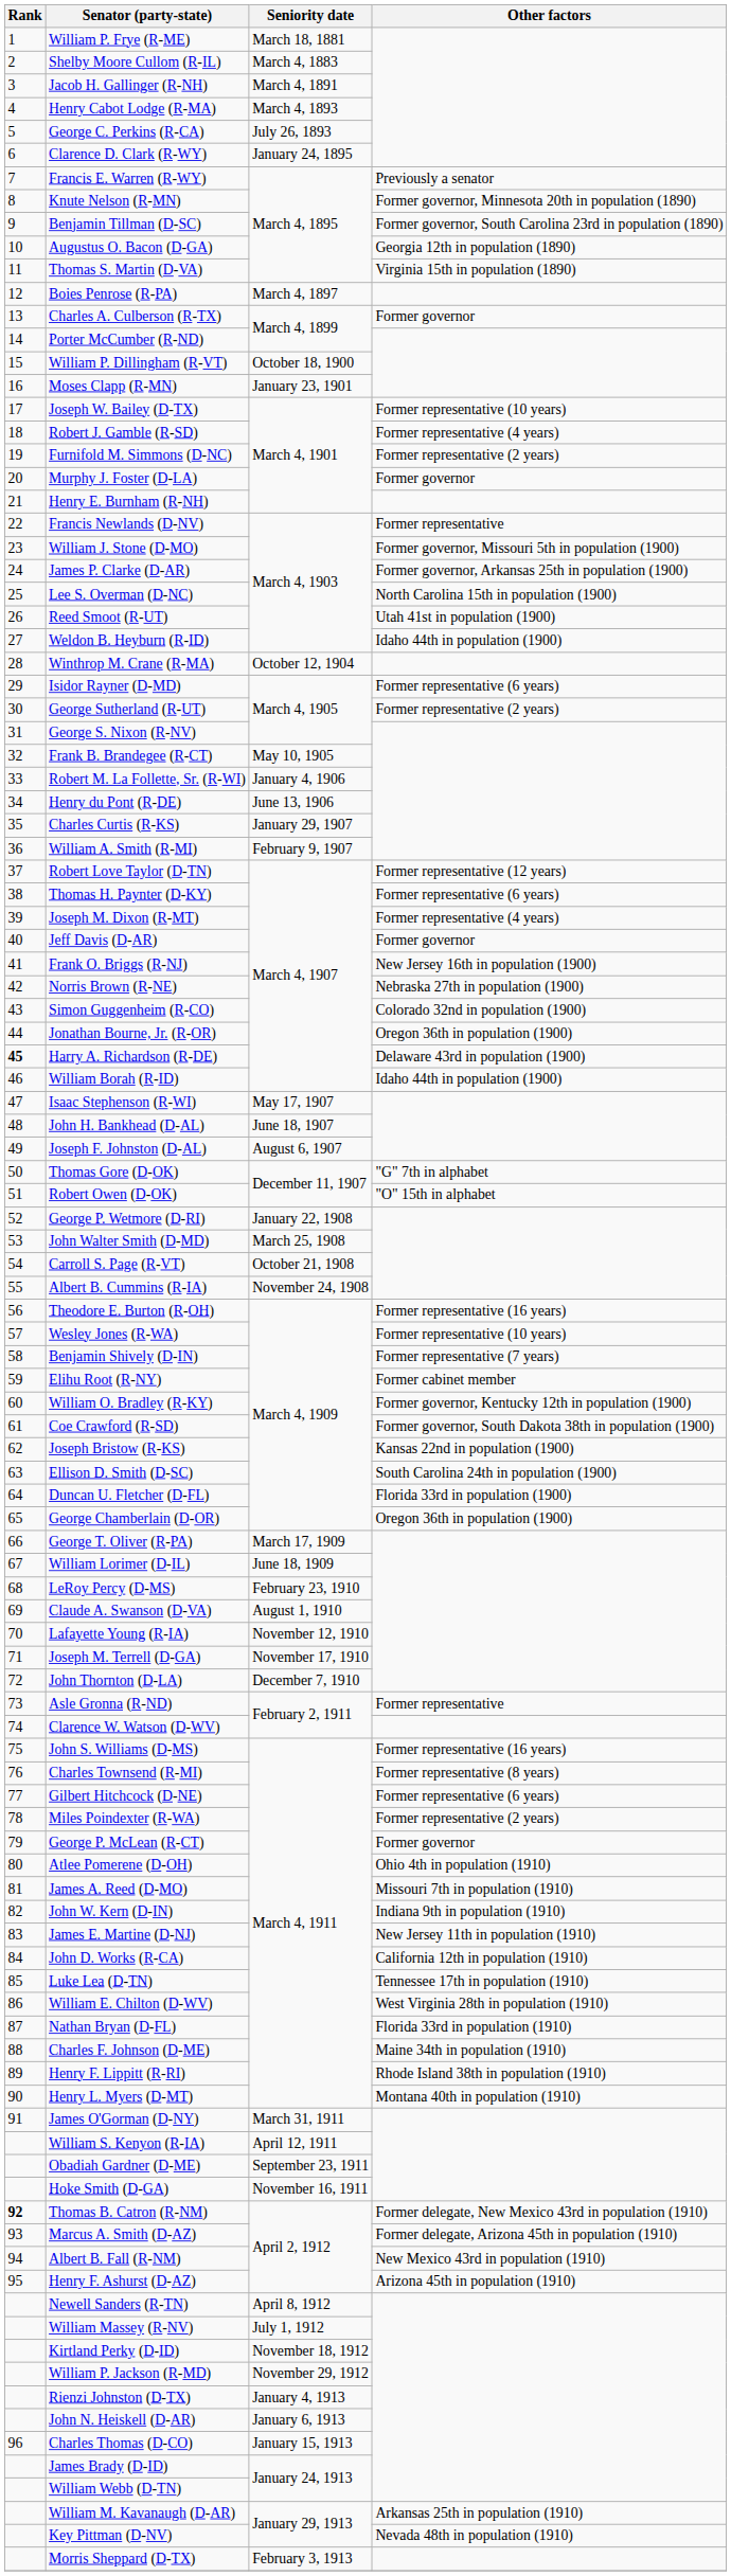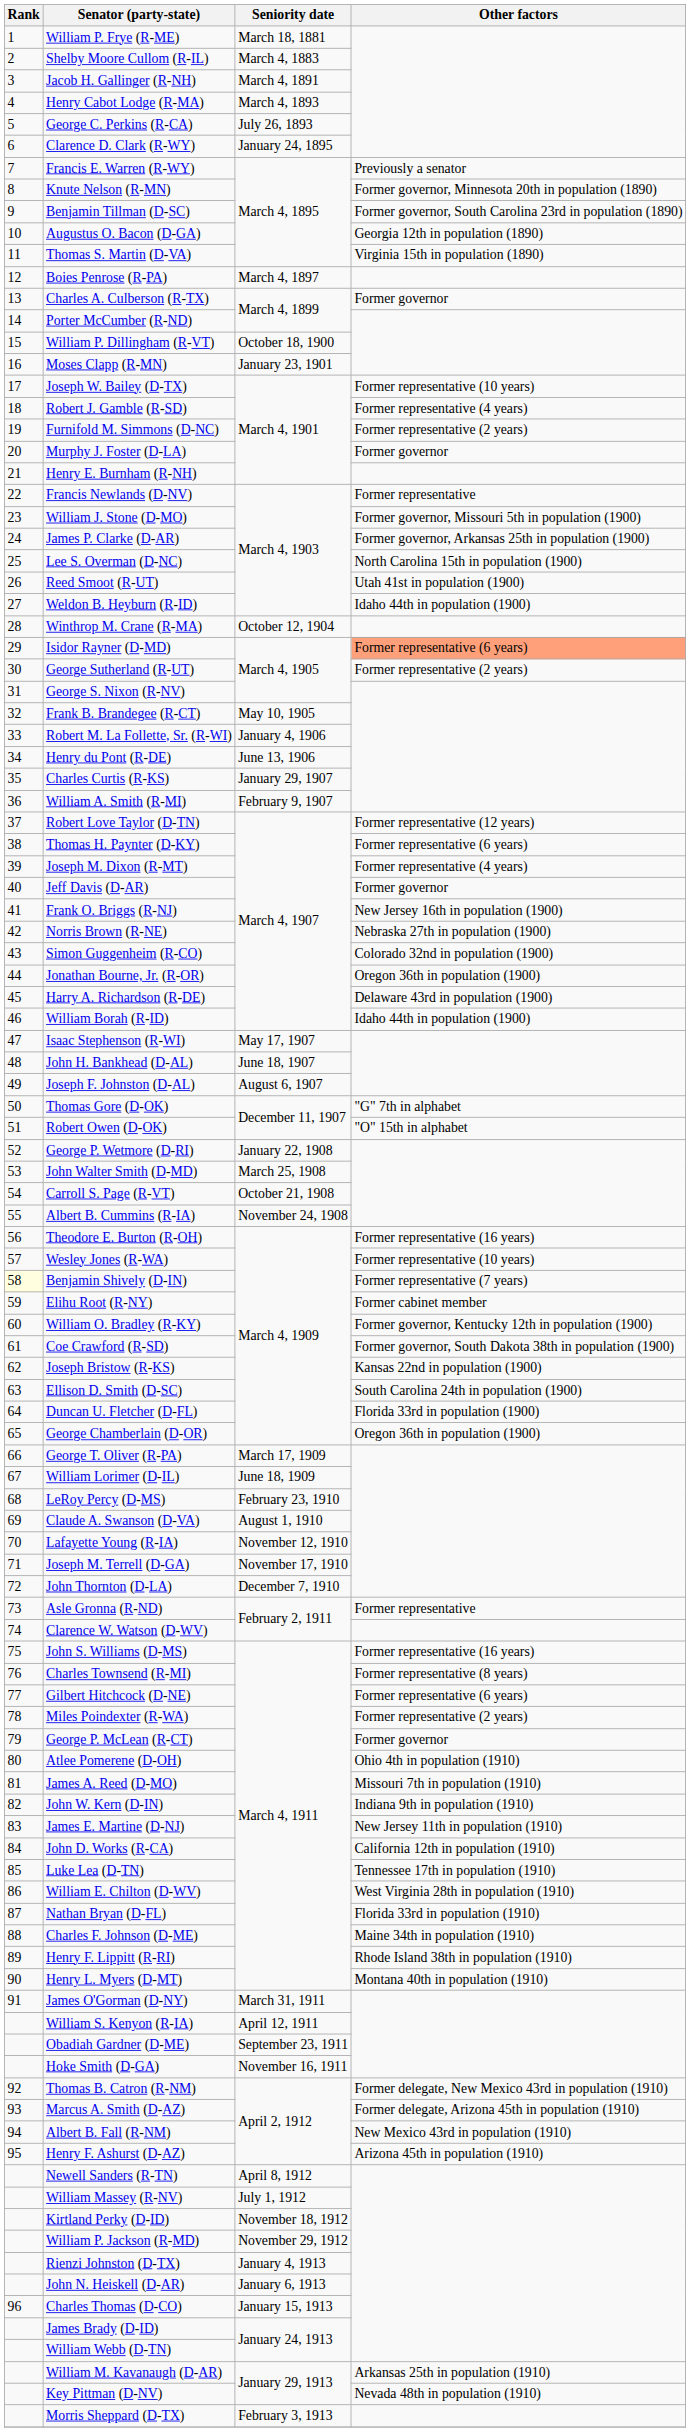 <table class=wikitable>
 <tr valign=bottom>
 <th>Rank</th>
 <th>Senator (party-state)</th>
 <th>Seniority date</th>
 <th>Other factors</th>
 </tr>
 <tr>
 <td>1</td>
 <td><a href='#'>William P. Frye</a> (<a href='#'>R</a>-<a href='#'>ME</a>)</td>
 <td>March 18, 1881</td>
 <td rowspan=6></td>
 </tr>
 <tr>
 <td>2</td>
 <td><a href='#'>Shelby Moore Cullom</a> (<a href='#'>R</a>-<a href='#'>IL</a>)</td>
 <td>March 4, 1883</td>
 </tr>
 <tr>
 <td>3</td>
 <td><a href='#'>Jacob H. Gallinger</a> (<a href='#'>R</a>-<a href='#'>NH</a>)</td>
 <td>March 4, 1891</td>
 </tr>
 <tr>
 <td>4</td>
 <td><a href='#'>Henry Cabot Lodge</a> (<a href='#'>R</a>-<a href='#'>MA</a>)</td>
 <td>March 4, 1893</td>
 </tr>
 <tr>
 <td>5</td>
 <td><a href='#'>George C. Perkins</a> (<a href='#'>R</a>-<a href='#'>CA</a>)</td>
 <td>July 26, 1893</td>
 </tr>
 <tr>
 <td>6</td>
 <td><a href='#'>Clarence D. Clark</a> (<a href='#'>R</a>-<a href='#'>WY</a>)</td>
 <td>January 24, 1895</td>
 </tr>
 <tr>
 <td>7</td>
 <td><a href='#'>Francis E. Warren</a> (<a href='#'>R</a>-<a href='#'>WY</a>)</td>
 <td rowspan=5>March 4, 1895</td>
 <td>Previously a senator</td>
 </tr>
 <tr>
 <td>8</td>
 <td><a href='#'>Knute Nelson</a> (<a href='#'>R</a>-<a href='#'>MN</a>)</td>
 <td>Former governor, Minnesota 20th in population (1890)</td>
 </tr>
 <tr>
 <td>9</td>
 <td><a href='#'>Benjamin Tillman</a> (<a href='#'>D</a>-<a href='#'>SC</a>)</td>
 <td>Former governor, South Carolina 23rd in population (1890)</td>
 </tr>
 <tr>
 <td>10</td>
 <td><a href='#'>Augustus O. Bacon</a> (<a href='#'>D</a>-<a href='#'>GA</a>)</td>
 <td>Georgia 12th in population (1890)</td>
 </tr>
 <tr>
 <td>11</td>
 <td><a href='#'>Thomas S. Martin</a> (<a href='#'>D</a>-<a href='#'>VA</a>)</td>
 <td>Virginia 15th in population (1890)</td>
 </tr>
 <tr>
 <td>12</td>
 <td><a href='#'>Boies Penrose</a> (<a href='#'>R</a>-<a href='#'>PA</a>)</td>
 <td>March 4, 1897</td>
 <td></td>
 </tr>
 <tr>
 <td>13</td>
 <td><a href='#'>Charles A. Culberson</a> (<a href='#'>R</a>-<a href='#'>TX</a>)</td>
 <td rowspan=2>March 4, 1899</td>
 <td>Former governor</td>
 </tr>
 <tr>
 <td>14</td>
 <td><a href='#'>Porter McCumber</a> (<a href='#'>R</a>-<a href='#'>ND</a>)</td>
 <td rowspan=3></td>
 </tr>
 <tr>
 <td>15</td>
 <td><a href='#'>William P. Dillingham</a> (<a href='#'>R</a>-<a href='#'>VT</a>)</td>
 <td>October 18, 1900</td>
 </tr>
 <tr>
 <td>16</td>
 <td><a href='#'>Moses Clapp</a> (<a href='#'>R</a>-<a href='#'>MN</a>)</td>
 <td>January 23, 1901</td>
 </tr>
 <tr>
 <td>17</td>
 <td><a href='#'>Joseph W. Bailey</a> (<a href='#'>D</a>-<a href='#'>TX</a>)</td>
 <td rowspan=5>March 4, 1901</td>
 <td>Former representative (10 years)</td>
 </tr>
 <tr>
 <td>18</td>
 <td><a href='#'>Robert J. Gamble</a> (<a href='#'>R</a>-<a href='#'>SD</a>)</td>
 <td>Former representative (4 years)</td>
 </tr>
 <tr>
 <td>19</td>
 <td><a href='#'>Furnifold M. Simmons</a> (<a href='#'>D</a>-<a href='#'>NC</a>)</td>
 <td>Former representative (2 years)</td>
 </tr>
 <tr>
 <td>20</td>
 <td><a href='#'>Murphy J. Foster</a> (<a href='#'>D</a>-<a href='#'>LA</a>)</td>
 <td>Former governor</td>
 </tr>
 <tr>
 <td>21</td>
 <td><a href='#'>Henry E. Burnham</a> (<a href='#'>R</a>-<a href='#'>NH</a>)</td>
 <td></td>
 </tr>
 <tr>
 <td>22</td>
 <td><a href='#'>Francis Newlands</a> (<a href='#'>D</a>-<a href='#'>NV</a>)</td>
 <td rowspan=6>March 4, 1903</td>
 <td>Former representative</td>
 </tr>
 <tr>
 <td>23</td>
 <td><a href='#'>William J. Stone</a> (<a href='#'>D</a>-<a href='#'>MO</a>)</td>
 <td>Former governor, Missouri 5th in population (1900)</td>
 </tr>
 <tr>
 <td>24</td>
 <td><a href='#'>James P. Clarke</a> (<a href='#'>D</a>-<a href='#'>AR</a>)</td>
 <td>Former governor, Arkansas 25th in population (1900)</td>
 </tr>
 <tr>
 <td>25</td>
 <td><a href='#'>Lee S. Overman</a> (<a href='#'>D</a>-<a href='#'>NC</a>)</td>
 <td>North Carolina 15th in population (1900)</td>
 </tr>
 <tr>
 <td>26</td>
 <td><a href='#'>Reed Smoot</a> (<a href='#'>R</a>-<a href='#'>UT</a>)</td>
 <td>Utah 41st in population (1900)</td>
 </tr>
 <tr>
 <td>27</td>
 <td><a href='#'>Weldon B. Heyburn</a> (<a href='#'>R</a>-<a href='#'>ID</a>)</td>
 <td>Idaho 44th in population (1900)</td>
 </tr>
 <tr>
 <td>28</td>
 <td><a href='#'>Winthrop M. Crane</a> (<a href='#'>R</a>-<a href='#'>MA</a>)</td>
 <td>October 12, 1904</td>
 <td></td>
 </tr>
 <tr>
 <td>29</td>
 <td><a href='#'>Isidor Rayner</a> (<a href='#'>D</a>-<a href='#'>MD</a>)</td>
 <td rowspan=3>March 4, 1905</td>
-<td>Former representative (6 years)</td>
+<td style="background: lightsalmon;">Former representative (6 years)</td>
 </tr>
 <tr>
 <td>30</td>
 <td><a href='#'>George Sutherland</a> (<a href='#'>R</a>-<a href='#'>UT</a>)</td>
 <td>Former representative (2 years)</td>
 </tr>
 <tr>
 <td>31</td>
 <td><a href='#'>George S. Nixon</a> (<a href='#'>R</a>-<a href='#'>NV</a>)</td>
 <td rowspan=6></td>
 </tr>
 <tr>
 <td>32</td>
 <td><a href='#'>Frank B. Brandegee</a> (<a href='#'>R</a>-<a href='#'>CT</a>)</td>
 <td>May 10, 1905</td>
 </tr>
 <tr>
 <td>33</td>
 <td><a href='#'>Robert M. La Follette, Sr.</a> (<a href='#'>R</a>-<a href='#'>WI</a>)</td>
 <td>January 4, 1906</td>
 </tr>
 <tr>
 <td>34</td>
 <td><a href='#'>Henry du Pont</a> (<a href='#'>R</a>-<a href='#'>DE</a>)</td>
 <td>June 13, 1906</td>
 </tr>
 <tr>
 <td>35</td>
 <td><a href='#'>Charles Curtis</a> (<a href='#'>R</a>-<a href='#'>KS</a>)</td>
 <td>January 29, 1907</td>
 </tr>
 <tr>
 <td>36</td>
 <td><a href='#'>William A. Smith</a> (<a href='#'>R</a>-<a href='#'>MI</a>)</td>
 <td>February 9, 1907</td>
 </tr>
 <tr>
 <td>37</td>
 <td><a href='#'>Robert Love Taylor</a> (<a href='#'>D</a>-<a href='#'>TN</a>)</td>
 <td rowspan=10>March 4, 1907</td>
 <td>Former representative (12 years)</td>
 </tr>
 <tr>
 <td>38</td>
 <td><a href='#'>Thomas H. Paynter</a> (<a href='#'>D</a>-<a href='#'>KY</a>)</td>
 <td>Former representative (6 years)</td>
 </tr>
 <tr>
 <td>39</td>
 <td><a href='#'>Joseph M. Dixon</a> (<a href='#'>R</a>-<a href='#'>MT</a>)</td>
 <td>Former representative (4 years)</td>
 </tr>
 <tr>
 <td>40</td>
 <td><a href='#'>Jeff Davis</a> (<a href='#'>D</a>-<a href='#'>AR</a>)</td>
 <td>Former governor</td>
 </tr>
 <tr>
 <td>41</td>
 <td><a href='#'>Frank O. Briggs</a> (<a href='#'>R</a>-<a href='#'>NJ</a>)</td>
 <td>New Jersey 16th in population (1900)</td>
 </tr>
 <tr>
 <td>42</td>
 <td><a href='#'>Norris Brown</a> (<a href='#'>R</a>-<a href='#'>NE</a>)</td>
 <td>Nebraska 27th in population (1900)</td>
 </tr>
 <tr>
 <td>43</td>
 <td><a href='#'>Simon Guggenheim</a> (<a href='#'>R</a>-<a href='#'>CO</a>)</td>
 <td>Colorado 32nd in population (1900)</td>
 </tr>
 <tr>
 <td>44</td>
 <td><a href='#'>Jonathan Bourne, Jr.</a> (<a href='#'>R</a>-<a href='#'>OR</a>)</td>
 <td>Oregon 36th in population (1900)</td>
 </tr>
 <tr>
-<td><strong>45</strong></td>
+<td>45</td>
 <td><a href='#'>Harry A. Richardson</a> (<a href='#'>R</a>-<a href='#'>DE</a>)</td>
 <td>Delaware 43rd in population (1900)</td>
 </tr>
 <tr>
 <td>46</td>
 <td><a href='#'>William Borah</a> (<a href='#'>R</a>-<a href='#'>ID</a>)</td>
 <td>Idaho 44th in population (1900)</td>
 </tr>
 <tr>
 <td>47</td>
 <td><a href='#'>Isaac Stephenson</a> (<a href='#'>R</a>-<a href='#'>WI</a>)</td>
 <td>May 17, 1907</td>
 <td rowspan=3></td>
 </tr>
 <tr>
 <td>48</td>
 <td><a href='#'>John H. Bankhead</a> (<a href='#'>D</a>-<a href='#'>AL</a>)</td>
 <td>June 18, 1907</td>
 </tr>
 <tr>
 <td>49</td>
 <td><a href='#'>Joseph F. Johnston</a> (<a href='#'>D</a>-<a href='#'>AL</a>)</td>
 <td>August 6, 1907</td>
 </tr>
 <tr>
 <td>50</td>
 <td><a href='#'>Thomas Gore</a> (<a href='#'>D</a>-<a href='#'>OK</a>)</td>
 <td rowspan=2>December 11, 1907</td>
 <td>"G" 7th in alphabet</td>
 </tr>
 <tr>
 <td>51</td>
 <td><a href='#'>Robert Owen</a> (<a href='#'>D</a>-<a href='#'>OK</a>)</td>
 <td>"O" 15th in alphabet</td>
 </tr>
 <tr>
 <td>52</td>
 <td><a href='#'>George P. Wetmore</a> (<a href='#'>D</a>-<a href='#'>RI</a>)</td>
 <td>January 22, 1908</td>
 <td rowspan=4></td>
 </tr>
 <tr>
 <td>53</td>
 <td><a href='#'>John Walter Smith</a> (<a href='#'>D</a>-<a href='#'>MD</a>)</td>
 <td>March 25, 1908</td>
 </tr>
 <tr>
 <td>54</td>
 <td><a href='#'>Carroll S. Page</a> (<a href='#'>R</a>-<a href='#'>VT</a>)</td>
 <td>October 21, 1908</td>
 </tr>
 <tr>
 <td>55</td>
 <td><a href='#'>Albert B. Cummins</a> (<a href='#'>R</a>-<a href='#'>IA</a>)</td>
 <td>November 24, 1908</td>
 </tr>
 <tr>
 <td>56</td>
 <td><a href='#'>Theodore E. Burton</a> (<a href='#'>R</a>-<a href='#'>OH</a>)</td>
 <td rowspan=10>March 4, 1909</td>
 <td>Former representative (16 years)</td>
 </tr>
 <tr>
 <td>57</td>
 <td><a href='#'>Wesley Jones</a> (<a href='#'>R</a>-<a href='#'>WA</a>)</td>
 <td>Former representative (10 years)</td>
 </tr>
 <tr>
-<td>58</td>
+<td style="background: lightyellow;">58</td>
 <td><a href='#'>Benjamin Shively</a> (<a href='#'>D</a>-<a href='#'>IN</a>)</td>
 <td>Former representative (7 years)</td>
 </tr>
 <tr>
 <td>59</td>
 <td><a href='#'>Elihu Root</a> (<a href='#'>R</a>-<a href='#'>NY</a>)</td>
 <td>Former cabinet member</td>
 </tr>
 <tr>
 <td>60</td>
 <td><a href='#'>William O. Bradley</a> (<a href='#'>R</a>-<a href='#'>KY</a>)</td>
 <td>Former governor, Kentucky 12th in population (1900)</td>
 </tr>
 <tr>
 <td>61</td>
 <td><a href='#'>Coe Crawford</a> (<a href='#'>R</a>-<a href='#'>SD</a>)</td>
 <td>Former governor, South Dakota 38th in population (1900)</td>
 </tr>
 <tr>
 <td>62</td>
 <td><a href='#'>Joseph Bristow</a> (<a href='#'>R</a>-<a href='#'>KS</a>)</td>
 <td>Kansas 22nd in population (1900)</td>
 </tr>
 <tr>
 <td>63</td>
 <td><a href='#'>Ellison D. Smith</a> (<a href='#'>D</a>-<a href='#'>SC</a>)</td>
 <td>South Carolina 24th in population (1900)</td>
 </tr>
 <tr>
 <td>64</td>
 <td><a href='#'>Duncan U. Fletcher</a> (<a href='#'>D</a>-<a href='#'>FL</a>)</td>
 <td>Florida 33rd in population (1900)</td>
 </tr>
 <tr>
 <td>65</td>
 <td><a href='#'>George Chamberlain</a> (<a href='#'>D</a>-<a href='#'>OR</a>)</td>
 <td>Oregon 36th in population (1900)</td>
 </tr>
 <tr>
 <td>66</td>
 <td><a href='#'>George T. Oliver</a> (<a href='#'>R</a>-<a href='#'>PA</a>)</td>
 <td>March 17, 1909</td>
 <td rowspan=7></td>
 </tr>
 <tr>
 <td>67</td>
 <td><a href='#'>William Lorimer</a> (<a href='#'>D</a>-<a href='#'>IL</a>)</td>
 <td>June 18, 1909</td>
 </tr>
 <tr>
 <td>68</td>
 <td><a href='#'>LeRoy Percy</a> (<a href='#'>D</a>-<a href='#'>MS</a>)</td>
 <td>February 23, 1910</td>
 </tr>
 <tr>
 <td>69</td>
 <td><a href='#'>Claude A. Swanson</a> (<a href='#'>D</a>-<a href='#'>VA</a>)</td>
 <td>August 1, 1910</td>
 </tr>
 <tr>
 <td>70</td>
 <td><a href='#'>Lafayette Young</a> (<a href='#'>R</a>-<a href='#'>IA</a>)</td>
 <td>November 12, 1910</td>
 </tr>
 <tr>
 <td>71</td>
 <td><a href='#'>Joseph M. Terrell</a> (<a href='#'>D</a>-<a href='#'>GA</a>)</td>
 <td>November 17, 1910</td>
 </tr>
 <tr>
 <td>72</td>
 <td><a href='#'>John Thornton</a> (<a href='#'>D</a>-<a href='#'>LA</a>)</td>
 <td>December 7, 1910</td>
 </tr>
 <tr>
 <td>73</td>
 <td><a href='#'>Asle Gronna</a> (<a href='#'>R</a>-<a href='#'>ND</a>)</td>
 <td rowspan=2>February 2, 1911</td>
 <td>Former representative</td>
 </tr>
 <tr>
 <td>74</td>
 <td><a href='#'>Clarence W. Watson</a> (<a href='#'>D</a>-<a href='#'>WV</a>)</td>
 <td></td>
 </tr>
 <tr>
 <td>75</td>
 <td><a href='#'>John S. Williams</a> (<a href='#'>D</a>-<a href='#'>MS</a>)</td>
 <td rowspan=16>March 4, 1911</td>
 <td>Former representative (16 years)</td>
 </tr>
 <tr>
 <td>76</td>
 <td><a href='#'>Charles Townsend</a> (<a href='#'>R</a>-<a href='#'>MI</a>)</td>
 <td>Former representative (8 years)</td>
 </tr>
 <tr>
 <td>77</td>
 <td><a href='#'>Gilbert Hitchcock</a> (<a href='#'>D</a>-<a href='#'>NE</a>)</td>
 <td>Former representative (6 years)</td>
 </tr>
 <tr>
 <td>78</td>
 <td><a href='#'>Miles Poindexter</a> (<a href='#'>R</a>-<a href='#'>WA</a>)</td>
 <td>Former representative (2 years)</td>
 </tr>
 <tr>
 <td>79</td>
 <td><a href='#'>George P. McLean</a> (<a href='#'>R</a>-<a href='#'>CT</a>)</td>
 <td>Former governor</td>
 </tr>
 <tr>
 <td>80</td>
 <td><a href='#'>Atlee Pomerene</a> (<a href='#'>D</a>-<a href='#'>OH</a>)</td>
 <td>Ohio 4th in population (1910)</td>
 </tr>
 <tr>
 <td>81</td>
 <td><a href='#'>James A. Reed</a> (<a href='#'>D</a>-<a href='#'>MO</a>)</td>
 <td>Missouri 7th in population (1910)</td>
 </tr>
 <tr>
 <td>82</td>
 <td><a href='#'>John W. Kern</a> (<a href='#'>D</a>-<a href='#'>IN</a>)</td>
 <td>Indiana 9th in population (1910)</td>
 </tr>
 <tr>
 <td>83</td>
 <td><a href='#'>James E. Martine</a> (<a href='#'>D</a>-<a href='#'>NJ</a>)</td>
 <td>New Jersey 11th in population (1910)</td>
 </tr>
 <tr>
 <td>84</td>
 <td><a href='#'>John D. Works</a> (<a href='#'>R</a>-<a href='#'>CA</a>)</td>
 <td>California 12th in population (1910)</td>
 </tr>
 <tr>
 <td>85</td>
 <td><a href='#'>Luke Lea</a> (<a href='#'>D</a>-<a href='#'>TN</a>)</td>
 <td>Tennessee 17th in population (1910)</td>
 </tr>
 <tr>
 <td>86</td>
 <td><a href='#'>William E. Chilton</a> (<a href='#'>D</a>-<a href='#'>WV</a>)</td>
 <td>West Virginia 28th in population (1910)</td>
 </tr>
 <tr>
 <td>87</td>
 <td><a href='#'>Nathan Bryan</a> (<a href='#'>D</a>-<a href='#'>FL</a>)</td>
 <td>Florida 33rd in population (1910)</td>
 </tr>
 <tr>
 <td>88</td>
 <td><a href='#'>Charles F. Johnson</a> (<a href='#'>D</a>-<a href='#'>ME</a>)</td>
 <td>Maine 34th in population (1910)</td>
 </tr>
 <tr>
 <td>89</td>
 <td><a href='#'>Henry F. Lippitt</a> (<a href='#'>R</a>-<a href='#'>RI</a>)</td>
 <td>Rhode Island 38th in population (1910)</td>
 </tr>
 <tr>
 <td>90</td>
 <td><a href='#'>Henry L. Myers</a> (<a href='#'>D</a>-<a href='#'>MT</a>)</td>
 <td>Montana 40th in population (1910)</td>
 </tr>
 <tr>
 <td>91</td>
 <td><a href='#'>James O'Gorman</a> (<a href='#'>D</a>-<a href='#'>NY</a>)</td>
 <td>March 31, 1911</td>
 <td rowspan=4></td>
 </tr>
 <tr>
 <td></td>
 <td><a href='#'>William S. Kenyon</a> (<a href='#'>R</a>-<a href='#'>IA</a>)</td>
 <td>April 12, 1911</td>
 </tr>
 <tr>
 <td></td>
 <td><a href='#'>Obadiah Gardner</a> (<a href='#'>D</a>-<a href='#'>ME</a>) </td>
 <td>September 23, 1911</td>
 </tr>
 <tr>
 <td></td>
 <td><a href='#'>Hoke Smith</a> (<a href='#'>D</a>-<a href='#'>GA</a>)</td>
 <td>November 16, 1911</td>
 </tr>
 <tr>
-<td><strong>92</strong></td>
+<td>92</td>
 <td><a href='#'>Thomas B. Catron</a> (<a href='#'>R</a>-<a href='#'>NM</a>)</td>
 <td rowspan=4>April 2, 1912</td>
 <td>Former delegate, New Mexico 43rd in population (1910)</td>
 </tr>
 <tr>
 <td>93</td>
 <td><a href='#'>Marcus A. Smith</a> (<a href='#'>D</a>-<a href='#'>AZ</a>)</td>
 <td>Former delegate, Arizona 45th in population (1910)</td>
 </tr>
 <tr>
 <td>94</td>
 <td><a href='#'>Albert B. Fall</a> (<a href='#'>R</a>-<a href='#'>NM</a>)</td>
 <td>New Mexico 43rd in population (1910)</td>
 </tr>
 <tr>
 <td>95</td>
 <td><a href='#'>Henry F. Ashurst</a> (<a href='#'>D</a>-<a href='#'>AZ</a>)</td>
 <td>Arizona 45th in population (1910)</td>
 </tr>
 <tr>
 <td></td>
 <td><a href='#'>Newell Sanders</a> (<a href='#'>R</a>-<a href='#'>TN</a>)</td>
 <td>April 8, 1912</td>
 <td rowspan=9></td>
 </tr>
 <tr>
 <td></td>
 <td><a href='#'>William Massey</a> (<a href='#'>R</a>-<a href='#'>NV</a>)</td>
 <td>July 1, 1912</td>
 </tr>
 <tr>
 <td></td>
 <td><a href='#'>Kirtland Perky</a> (<a href='#'>D</a>-<a href='#'>ID</a>)</td>
 <td>November 18, 1912</td>
 </tr>
 <tr>
 <td></td>
 <td><a href='#'>William P. Jackson</a> (<a href='#'>R</a>-<a href='#'>MD</a>)</td>
 <td>November 29, 1912</td>
 </tr>
 <tr>
 <td></td>
 <td><a href='#'>Rienzi Johnston</a> (<a href='#'>D</a>-<a href='#'>TX</a>)</td>
 <td>January 4, 1913</td>
 </tr>
 <tr>
 <td></td>
 <td><a href='#'>John N. Heiskell</a> (<a href='#'>D</a>-<a href='#'>AR</a>)</td>
 <td>January 6, 1913</td>
 </tr>
 <tr>
 <td>96</td>
 <td><a href='#'>Charles Thomas</a> (<a href='#'>D</a>-<a href='#'>CO</a>)</td>
 <td>January 15, 1913</td>
 </tr>
 <tr>
 <td></td>
 <td><a href='#'>James Brady</a> (<a href='#'>D</a>-<a href='#'>ID</a>)</td>
 <td rowspan=2>January 24, 1913</td>
 </tr>
 <tr>
 <td></td>
 <td><a href='#'>William Webb</a> (<a href='#'>D</a>-<a href='#'>TN</a>)</td>
 </tr>
 <tr>
 <td></td>
 <td><a href='#'>William M. Kavanaugh</a> (<a href='#'>D</a>-<a href='#'>AR</a>)</td>
 <td rowspan=2>January 29, 1913</td>
 <td>Arkansas 25th in population (1910)</td>
 </tr>
 <tr>
 <td></td>
 <td><a href='#'>Key Pittman</a> (<a href='#'>D</a>-<a href='#'>NV</a>)</td>
 <td>Nevada 48th in population (1910)</td>
 </tr>
 <tr>
 <td></td>
 <td><a href='#'>Morris Sheppard</a> (<a href='#'>D</a>-<a href='#'>TX</a>)</td>
 <td>February 3, 1913</td>
 <td></td>
 </tr>
 <tr>
 </tr>
 </table>
